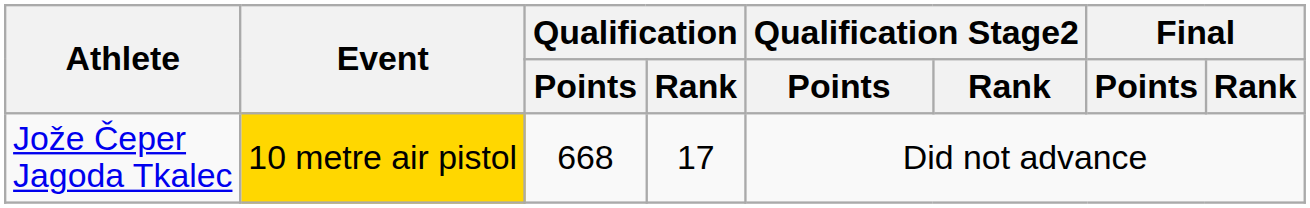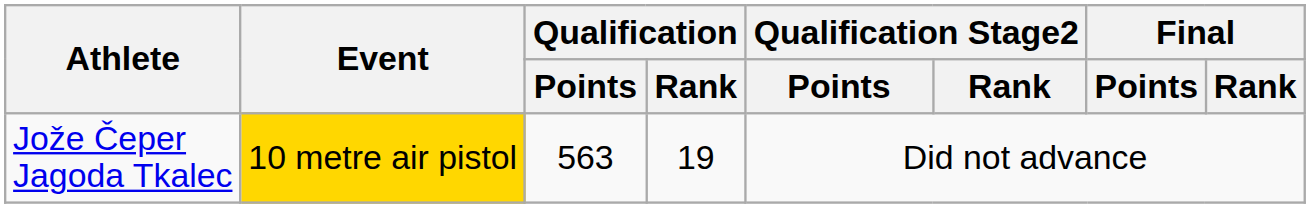 <table class="wikitable" style="font-size:90%; text-align:center">
 <tr>
 <th rowspan="2">Athlete</th>
 <th rowspan="2">Event</th>
 <th colspan="2">Qualification</th>
 <th colspan="2">Qualification Stage2</th>
 <th colspan="2">Final</th>
 </tr>
 <tr>
 <th>Points</th>
 <th>Rank</th>
 <th>Points</th>
 <th>Rank</th>
 <th>Points</th>
 <th>Rank</th>
 </tr>
 <tr>
 <td align="left"><a href='#'>Jože Čeper</a><br><a href='#'>Jagoda Tkalec</a></td>
 <td align="left" style="background: gold;">10 metre air pistol</td>
-<td>668</td>
-<td>17</td>
+<td>563</td>
+<td>19</td>
 <td colspan="4">Did not advance</td>
 </tr>
 </table>
